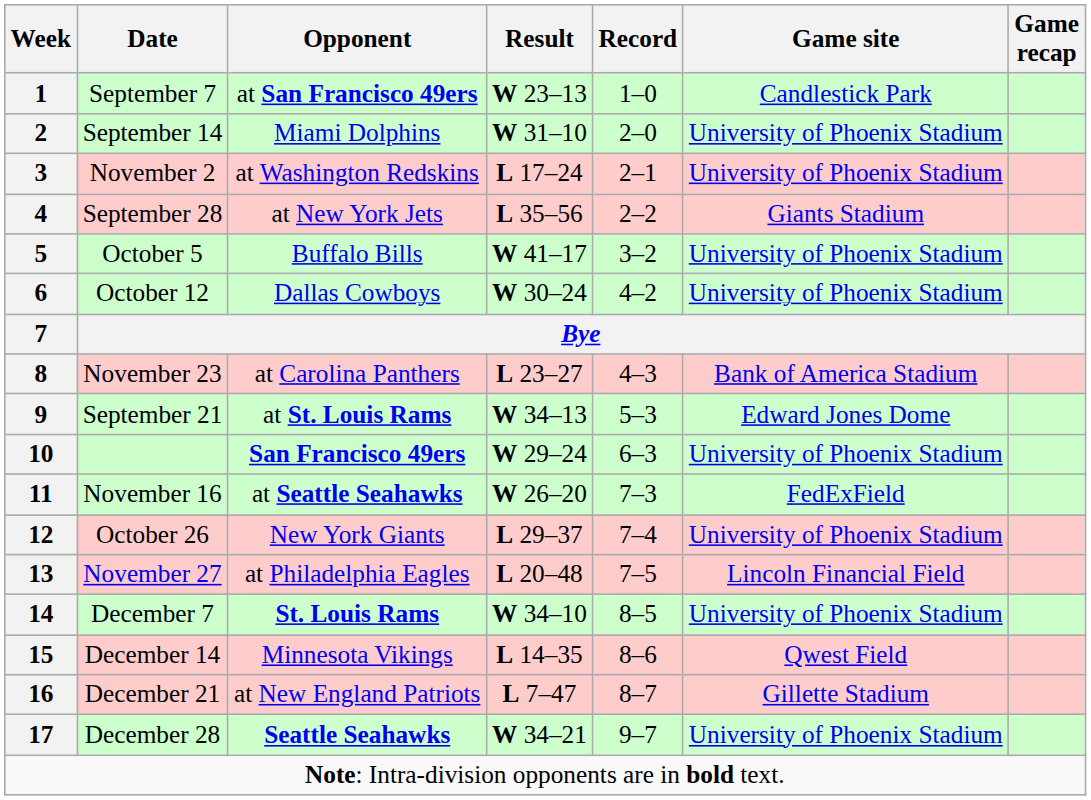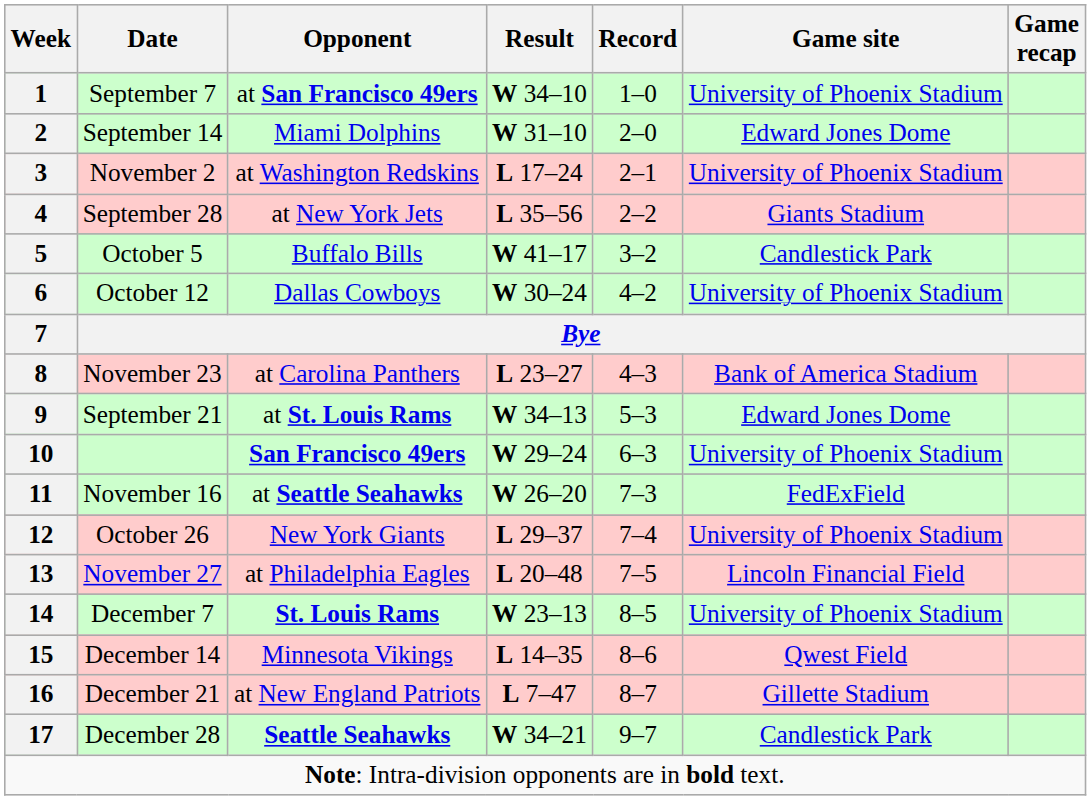 <table class="wikitable" style="text-align:center">
 <tr>
 <th>Week</th>
 <th>Date</th>
 <th>Opponent</th>
 <th>Result</th>
 <th>Record</th>
 <th>Game site</th>
 <th>Game<br>recap</th>
 </tr>
 <tr bgcolor="#cfc">
 <th>1</th>
 <td>September 7</td>
 <td>at <strong><a href='#'>San Francisco 49ers</a></strong></td>
-<td><strong>W</strong> 23–13</td>
+<td><strong>W</strong> 34–10</td>
 <td>1–0</td>
-<td><a href='#'>Candlestick Park</a></td>
+<td><a href='#'>University of Phoenix Stadium</a></td>
 <td></td>
 </tr>
 <tr bgcolor="#cfc">
 <th>2</th>
 <td>September 14</td>
 <td><a href='#'>Miami Dolphins</a></td>
 <td><strong>W</strong> 31–10</td>
 <td>2–0</td>
-<td><a href='#'>University of Phoenix Stadium</a></td>
+<td><a href='#'>Edward Jones Dome</a></td>
 <td></td>
 </tr>
 <tr bgcolor="#fcc">
 <th>3</th>
 <td>November 2</td>
 <td>at <a href='#'>Washington Redskins</a></td>
 <td><strong>L</strong> 17–24</td>
 <td>2–1</td>
 <td><a href='#'>University of Phoenix Stadium</a></td>
 <td></td>
 </tr>
 <tr bgcolor="#fcc">
 <th>4</th>
 <td>September 28</td>
 <td>at <a href='#'>New York Jets</a></td>
 <td><strong>L</strong> 35–56</td>
 <td>2–2</td>
 <td><a href='#'>Giants Stadium</a></td>
 <td></td>
 </tr>
 <tr bgcolor="#cfc">
 <th>5</th>
 <td>October 5</td>
 <td><a href='#'>Buffalo Bills</a></td>
 <td><strong>W</strong> 41–17</td>
 <td>3–2</td>
-<td><a href='#'>University of Phoenix Stadium</a></td>
+<td><a href='#'>Candlestick Park</a></td>
 <td></td>
 </tr>
 <tr bgcolor="#cfc">
 <th>6</th>
 <td>October 12</td>
 <td><a href='#'>Dallas Cowboys</a></td>
 <td><strong>W</strong> 30–24 </td>
 <td>4–2</td>
 <td><a href='#'>University of Phoenix Stadium</a></td>
 <td></td>
 </tr>
 <tr>
 <th>7</th>
 <th colspan="6" style="text-align:center;"><em><a href='#'>Bye</a></em></th>
 </tr>
 <tr bgcolor="#fcc">
 <th>8</th>
 <td>November 23</td>
 <td>at <a href='#'>Carolina Panthers</a></td>
 <td><strong>L</strong> 23–27</td>
 <td>4–3</td>
 <td><a href='#'>Bank of America Stadium</a></td>
 <td></td>
 </tr>
 <tr bgcolor="#cfc">
 <th>9</th>
 <td>September 21</td>
 <td>at <strong><a href='#'>St. Louis Rams</a></strong></td>
 <td><strong>W</strong> 34–13</td>
 <td>5–3</td>
 <td><a href='#'>Edward Jones Dome</a></td>
 <td></td>
 </tr>
 <tr bgcolor="#cfc">
 <th>10</th>
 <td></td>
 <td><strong><a href='#'>San Francisco 49ers</a></strong></td>
 <td><strong>W</strong> 29–24</td>
 <td>6–3</td>
 <td><a href='#'>University of Phoenix Stadium</a></td>
 <td></td>
 </tr>
 <tr bgcolor="#cfc">
 <th>11</th>
 <td>November 16</td>
 <td>at <strong><a href='#'>Seattle Seahawks</a></strong></td>
 <td><strong>W</strong> 26–20</td>
 <td>7–3</td>
 <td><a href='#'>FedExField</a></td>
 <td></td>
 </tr>
 <tr bgcolor="#fcc">
 <th>12</th>
 <td>October 26</td>
 <td><a href='#'>New York Giants</a></td>
 <td><strong>L</strong> 29–37</td>
 <td>7–4</td>
 <td><a href='#'>University of Phoenix Stadium</a></td>
 <td></td>
 </tr>
 <tr bgcolor="#fcc">
 <th>13</th>
 <td><a href='#'>November 27</a></td>
 <td>at <a href='#'>Philadelphia Eagles</a></td>
 <td><strong>L</strong> 20–48</td>
 <td>7–5</td>
 <td><a href='#'>Lincoln Financial Field</a></td>
 <td></td>
 </tr>
 <tr bgcolor="#cfc">
 <th>14</th>
 <td>December 7</td>
 <td><strong><a href='#'>St. Louis Rams</a></strong></td>
-<td><strong>W</strong> 34–10</td>
+<td><strong>W</strong> 23–13</td>
 <td>8–5</td>
 <td><a href='#'>University of Phoenix Stadium</a></td>
 <td></td>
 </tr>
 <tr bgcolor="#fcc">
 <th>15</th>
 <td>December 14</td>
 <td><a href='#'>Minnesota Vikings</a></td>
 <td><strong>L</strong> 14–35</td>
 <td>8–6</td>
 <td><a href='#'>Qwest Field</a></td>
 <td></td>
 </tr>
 <tr bgcolor="#fcc">
 <th>16</th>
 <td>December 21</td>
 <td>at <a href='#'>New England Patriots</a></td>
 <td><strong>L</strong> 7–47</td>
 <td>8–7</td>
 <td><a href='#'>Gillette Stadium</a></td>
 <td></td>
 </tr>
 <tr bgcolor="#cfc">
 <th>17</th>
 <td>December 28</td>
 <td><strong><a href='#'>Seattle Seahawks</a></strong></td>
 <td><strong>W</strong> 34–21</td>
 <td>9–7</td>
-<td><a href='#'>University of Phoenix Stadium</a></td>
+<td><a href='#'>Candlestick Park</a></td>
 <td></td>
 </tr>
 <tr>
 <td colspan="7"><strong>Note</strong>: Intra-division opponents are in <strong>bold</strong> text.</td>
 </tr>
 </table>
